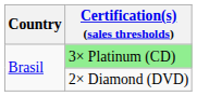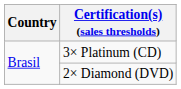 <table class="wikitable" border="1">
 <tr>
 <th>Country</th>
 <th><a href='#'>Certification(s)</a><br><small>(<a href='#'>sales thresholds</a>)</small></th>
 </tr>
 <tr>
 <td rowspan=2><a href='#'>Brasil</a></td>
-<td style="background: lightgreen;">3× Platinum (CD)</td>
+<td>3× Platinum (CD)</td>
 </tr>
 <tr>
 <td>2× Diamond (DVD)</td>
 </tr>
 </table>
